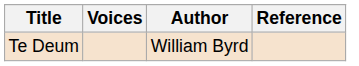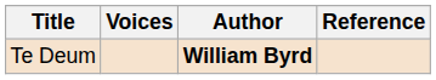 <table class = "wikitable sortable">
 <tr>
 </tr>
 <tr>
 <th scope="col">Title</th>
 <th scope="col">Voices</th>
 <th scope="col">Author</th>
 <th scope="col">Reference</th>
 </tr>
 <tr style="background: #F6E3CE;">
 <td>Te Deum</td>
 <td></td>
-<td>William Byrd</td>
+<td><strong>William Byrd</strong></td>
 <td></td>
 </tr>
 </table>
